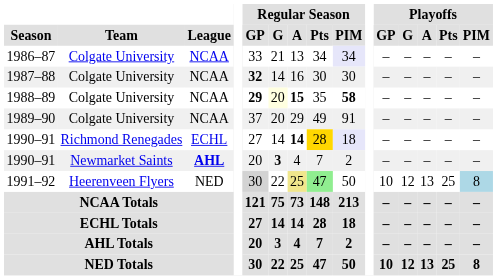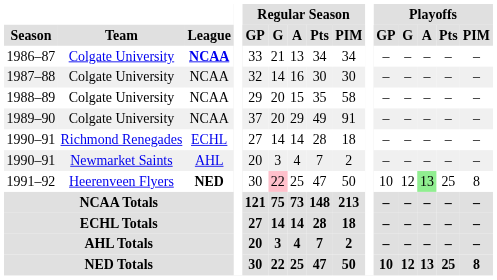 <table BORDER="0" CELLPADDING="3" CELLSPACING="0" ID="Table3">
 <tr ALIGN="center" bgcolor="#e0e0e0">
 <th ALIGN="center" colspan="3" bgcolor="#ffffff"> </th>
 <th ALIGN="center" rowspan="99" bgcolor="#ffffff"> </th>
 <th ALIGN="center" colspan="5">Regular Season</th>
 <th ALIGN="center" rowspan="99" bgcolor="#ffffff"> </th>
 <th ALIGN="center" colspan="5">Playoffs</th>
 </tr>
 <tr ALIGN="center" bgcolor="#e0e0e0">
 <th ALIGN="center">Season</th>
 <th ALIGN="center">Team</th>
 <th ALIGN="center">League</th>
 <th ALIGN="center">GP</th>
 <th ALIGN="center">G</th>
 <th ALIGN="center">A</th>
 <th ALIGN="center">Pts</th>
 <th ALIGN="center">PIM</th>
 <th ALIGN="center">GP</th>
 <th ALIGN="center">G</th>
 <th ALIGN="center">A</th>
 <th ALIGN="center">Pts</th>
 <th ALIGN="center">PIM</th>
 </tr>
 <tr ALIGN="center">
 <td ALIGN="center">1986–87</td>
 <td ALIGN="center"><a href='#'>Colgate University</a></td>
-<td ALIGN="center"><a href='#'>NCAA</a></td>
+<td ALIGN="center"><strong><a href='#'>NCAA</a></strong></td>
 <td ALIGN="center">33</td>
 <td ALIGN="center">21</td>
 <td ALIGN="center">13</td>
 <td ALIGN="center">34</td>
-<td ALIGN="center" style="background: lavender;">34</td>
+<td ALIGN="center">34</td>
 <td ALIGN="center">–</td>
 <td ALIGN="center">–</td>
 <td ALIGN="center">–</td>
 <td ALIGN="center">–</td>
 <td ALIGN="center">–</td>
 </tr>
 <tr ALIGN="center"  bgcolor="#f0f0f0">
 <td ALIGN="center">1987–88</td>
 <td ALIGN="center">Colgate University</td>
 <td ALIGN="center">NCAA</td>
-<td ALIGN="center"><strong>32</strong></td>
+<td ALIGN="center">32</td>
 <td ALIGN="center">14</td>
 <td ALIGN="center">16</td>
 <td ALIGN="center">30</td>
 <td ALIGN="center">30</td>
 <td ALIGN="center">–</td>
 <td ALIGN="center">–</td>
 <td ALIGN="center">–</td>
 <td ALIGN="center">–</td>
 <td ALIGN="center">–</td>
 </tr>
 <tr ALIGN="center">
 <td ALIGN="center">1988–89</td>
 <td ALIGN="center">Colgate University</td>
 <td ALIGN="center">NCAA</td>
-<td ALIGN="center"><strong>29</strong></td>
-<td ALIGN="center" style="background: lightyellow;">20</td>
-<td ALIGN="center"><strong>15</strong></td>
+<td ALIGN="center">29</td>
+<td ALIGN="center">20</td>
+<td ALIGN="center">15</td>
 <td ALIGN="center">35</td>
-<td ALIGN="center"><strong>58</strong></td>
+<td ALIGN="center">58</td>
 <td ALIGN="center">–</td>
 <td ALIGN="center">–</td>
 <td ALIGN="center">–</td>
 <td ALIGN="center">–</td>
 <td ALIGN="center">–</td>
 </tr>
 <tr ALIGN="center"  bgcolor="#f0f0f0">
 <td ALIGN="center">1989–90</td>
 <td ALIGN="center">Colgate University</td>
 <td ALIGN="center">NCAA</td>
 <td ALIGN="center">37</td>
 <td ALIGN="center">20</td>
 <td ALIGN="center">29</td>
 <td ALIGN="center">49</td>
 <td ALIGN="center">91</td>
 <td ALIGN="center">–</td>
 <td ALIGN="center">–</td>
 <td ALIGN="center">–</td>
 <td ALIGN="center">–</td>
 <td ALIGN="center">–</td>
 </tr>
 <tr ALIGN="center">
 <td ALIGN="center">1990–91</td>
 <td ALIGN="center"><a href='#'>Richmond Renegades</a></td>
 <td ALIGN="center"><a href='#'>ECHL</a></td>
 <td ALIGN="center">27</td>
 <td ALIGN="center">14</td>
-<td ALIGN="center"><strong>14</strong></td>
-<td ALIGN="center" style="background: gold;">28</td>
-<td ALIGN="center" style="background: lavender;">18</td>
+<td ALIGN="center">14</td>
+<td ALIGN="center">28</td>
+<td ALIGN="center">18</td>
 <td ALIGN="center">–</td>
 <td ALIGN="center">–</td>
 <td ALIGN="center">–</td>
 <td ALIGN="center">–</td>
 <td ALIGN="center">–</td>
 </tr>
 <tr ALIGN="center" bgcolor="#f0f0f0">
 <td ALIGN="center">1990–91</td>
 <td ALIGN="center"><a href='#'>Newmarket Saints</a></td>
-<td ALIGN="center"><strong><a href='#'>AHL</a></strong></td>
+<td ALIGN="center"><a href='#'>AHL</a></td>
 <td ALIGN="center">20</td>
-<td ALIGN="center"><strong>3</strong></td>
+<td ALIGN="center">3</td>
 <td ALIGN="center">4</td>
 <td ALIGN="center">7</td>
 <td ALIGN="center">2</td>
 <td ALIGN="center">–</td>
 <td ALIGN="center">–</td>
 <td ALIGN="center">–</td>
 <td ALIGN="center">–</td>
 <td ALIGN="center">–</td>
 </tr>
 <tr ALIGN="center">
 <td ALIGN="center">1991–92</td>
 <td ALIGN="center"><a href='#'>Heerenveen Flyers</a></td>
-<td ALIGN="center">NED</td>
-<td ALIGN="center" style="background: lightgrey;">30</td>
-<td ALIGN="center">22</td>
-<td ALIGN="center" style="background: khaki;">25</td>
-<td ALIGN="center" style="background: lightgreen;">47</td>
+<td ALIGN="center"><strong>NED</strong></td>
+<td ALIGN="center">30</td>
+<td ALIGN="center" style="background: pink;">22</td>
+<td ALIGN="center">25</td>
+<td ALIGN="center">47</td>
 <td ALIGN="center">50</td>
 <td ALIGN="center">10</td>
 <td ALIGN="center">12</td>
-<td ALIGN="center">13</td>
+<td ALIGN="center" style="background: lightgreen;">13</td>
 <td ALIGN="center">25</td>
-<td ALIGN="center" style="background: lightblue;">8</td>
+<td ALIGN="center">8</td>
 </tr>
 <tr ALIGN="center" bgcolor="#e0e0e0">
 <th colspan="3">NCAA Totals</th>
 <th ALIGN="center">121</th>
 <th ALIGN="center">75</th>
 <th ALIGN="center">73</th>
 <th ALIGN="center">148</th>
 <th ALIGN="center">213</th>
 <th ALIGN="center">–</th>
 <th ALIGN="center">–</th>
 <th ALIGN="center">–</th>
 <th ALIGN="center">–</th>
 <th ALIGN="center">–</th>
 </tr>
 <tr ALIGN="center" bgcolor="#e0e0e0">
 <th colspan="3">ECHL Totals</th>
 <th ALIGN="center">27</th>
 <th ALIGN="center">14</th>
 <th ALIGN="center">14</th>
 <th ALIGN="center">28</th>
 <th ALIGN="center">18</th>
 <th ALIGN="center">–</th>
 <th ALIGN="center">–</th>
 <th ALIGN="center">–</th>
 <th ALIGN="center">–</th>
 <th ALIGN="center">–</th>
 </tr>
 <tr ALIGN="center" bgcolor="#e0e0e0">
 <th colspan="3">AHL Totals</th>
 <th ALIGN="center">20</th>
 <th ALIGN="center">3</th>
 <th ALIGN="center">4</th>
 <th ALIGN="center">7</th>
 <th ALIGN="center">2</th>
 <th ALIGN="center">–</th>
 <th ALIGN="center">–</th>
 <th ALIGN="center">–</th>
 <th ALIGN="center">–</th>
 <th ALIGN="center">–</th>
 </tr>
 <tr ALIGN="center" bgcolor="#e0e0e0">
 <th colspan="3">NED Totals</th>
 <th ALIGN="center">30</th>
 <th ALIGN="center">22</th>
 <th ALIGN="center">25</th>
 <th ALIGN="center">47</th>
 <th ALIGN="center">50</th>
 <th ALIGN="center">10</th>
 <th ALIGN="center">12</th>
 <th ALIGN="center">13</th>
 <th ALIGN="center">25</th>
 <th ALIGN="center">8</th>
 </tr>
 </table>
